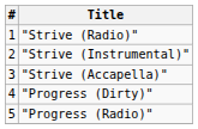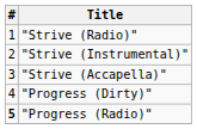 <table class="wikitable">
 <tr>
 <th>#</th>
 <th>Title</th>
 </tr>
 <tr>
 <td>1</td>
 <td>"Strive (Radio)"</td>
 </tr>
 <tr>
 <td>2</td>
 <td>"Strive (Instrumental)"</td>
 </tr>
 <tr>
 <td>3</td>
 <td>"Strive (Accapella)"</td>
 </tr>
 <tr>
 <td>4</td>
 <td>"Progress (Dirty)"</td>
 </tr>
 <tr>
-<td>5</td>
+<td><strong>5</strong></td>
 <td>"Progress (Radio)"</td>
 </tr>
 <tr>
 </tr>
 </table>
